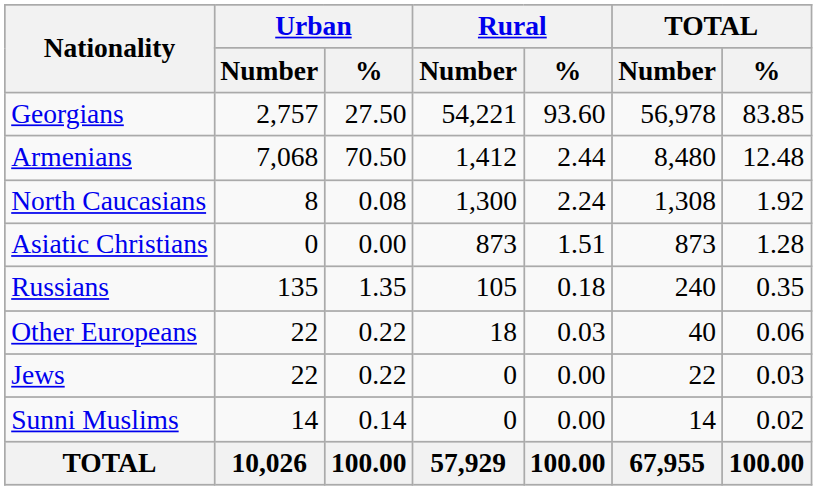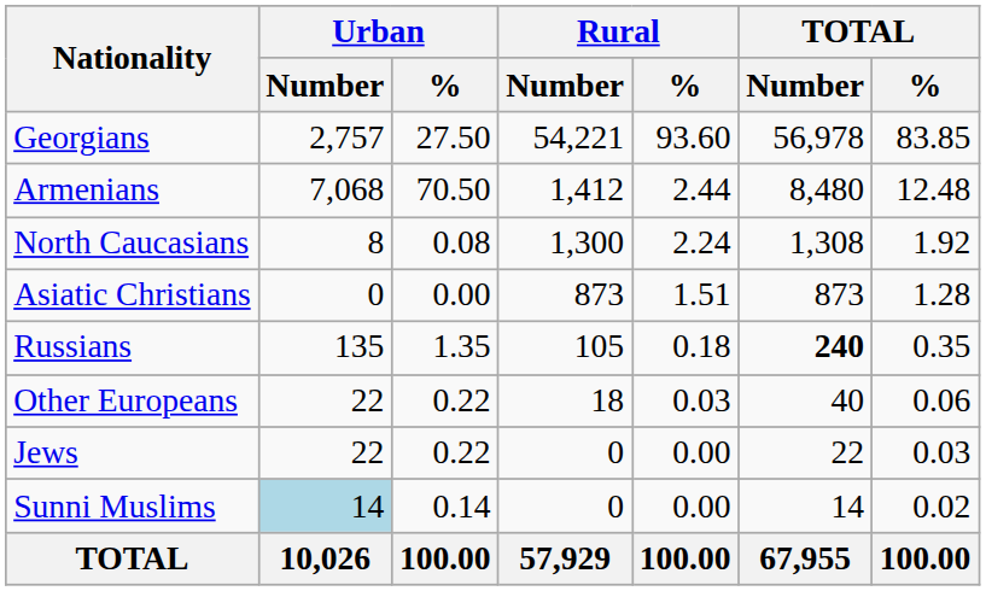 <table class="wikitable sortable">
 <tr>
 <th rowspan="2">Nationality</th>
 <th colspan="2"><a href='#'>Urban</a></th>
 <th colspan="2"><a href='#'>Rural</a></th>
 <th colspan="2">TOTAL</th>
 </tr>
 <tr>
 <th>Number</th>
 <th>%</th>
 <th>Number</th>
 <th>%</th>
 <th>Number</th>
 <th>%</th>
 </tr>
 <tr>
 <td><a href='#'>Georgians</a></td>
 <td align="right">2,757</td>
 <td align="right">27.50</td>
 <td align="right">54,221</td>
 <td align="right">93.60</td>
 <td align="right">56,978</td>
 <td align="right">83.85</td>
 </tr>
 <tr>
 <td><a href='#'>Armenians</a></td>
 <td align="right">7,068</td>
 <td align="right">70.50</td>
 <td align="right">1,412</td>
 <td align="right">2.44</td>
 <td align="right">8,480</td>
 <td align="right">12.48</td>
 </tr>
 <tr>
 <td><a href='#'>North Caucasians</a></td>
 <td align="right">8</td>
 <td align="right">0.08</td>
 <td align="right">1,300</td>
 <td align="right">2.24</td>
 <td align="right">1,308</td>
 <td align="right">1.92</td>
 </tr>
 <tr>
 <td><a href='#'>Asiatic Christians</a></td>
 <td align="right">0</td>
 <td align="right">0.00</td>
 <td align="right">873</td>
 <td align="right">1.51</td>
 <td align="right">873</td>
 <td align="right">1.28</td>
 </tr>
 <tr>
 <td><a href='#'>Russians</a></td>
 <td align="right">135</td>
 <td align="right">1.35</td>
 <td align="right">105</td>
 <td align="right">0.18</td>
-<td align="right">240</td>
+<td align="right"><strong>240</strong></td>
 <td align="right">0.35</td>
 </tr>
 <tr>
 <td><a href='#'>Other Europeans</a></td>
 <td align="right">22</td>
 <td align="right">0.22</td>
 <td align="right">18</td>
 <td align="right">0.03</td>
 <td align="right">40</td>
 <td align="right">0.06</td>
 </tr>
 <tr>
 <td><a href='#'>Jews</a></td>
 <td align="right">22</td>
 <td align="right">0.22</td>
 <td align="right">0</td>
 <td align="right">0.00</td>
 <td align="right">22</td>
 <td align="right">0.03</td>
 </tr>
 <tr>
 <td><a href='#'>Sunni Muslims</a></td>
-<td align="right">14</td>
+<td align="right" style="background: lightblue;">14</td>
 <td align="right">0.14</td>
 <td align="right">0</td>
 <td align="right">0.00</td>
 <td align="right">14</td>
 <td align="right">0.02</td>
 </tr>
 <tr>
 <th>TOTAL</th>
 <th>10,026</th>
 <th>100.00</th>
 <th>57,929</th>
 <th>100.00</th>
 <th><strong>67,955</strong></th>
 <th>100.00</th>
 </tr>
 </table>
